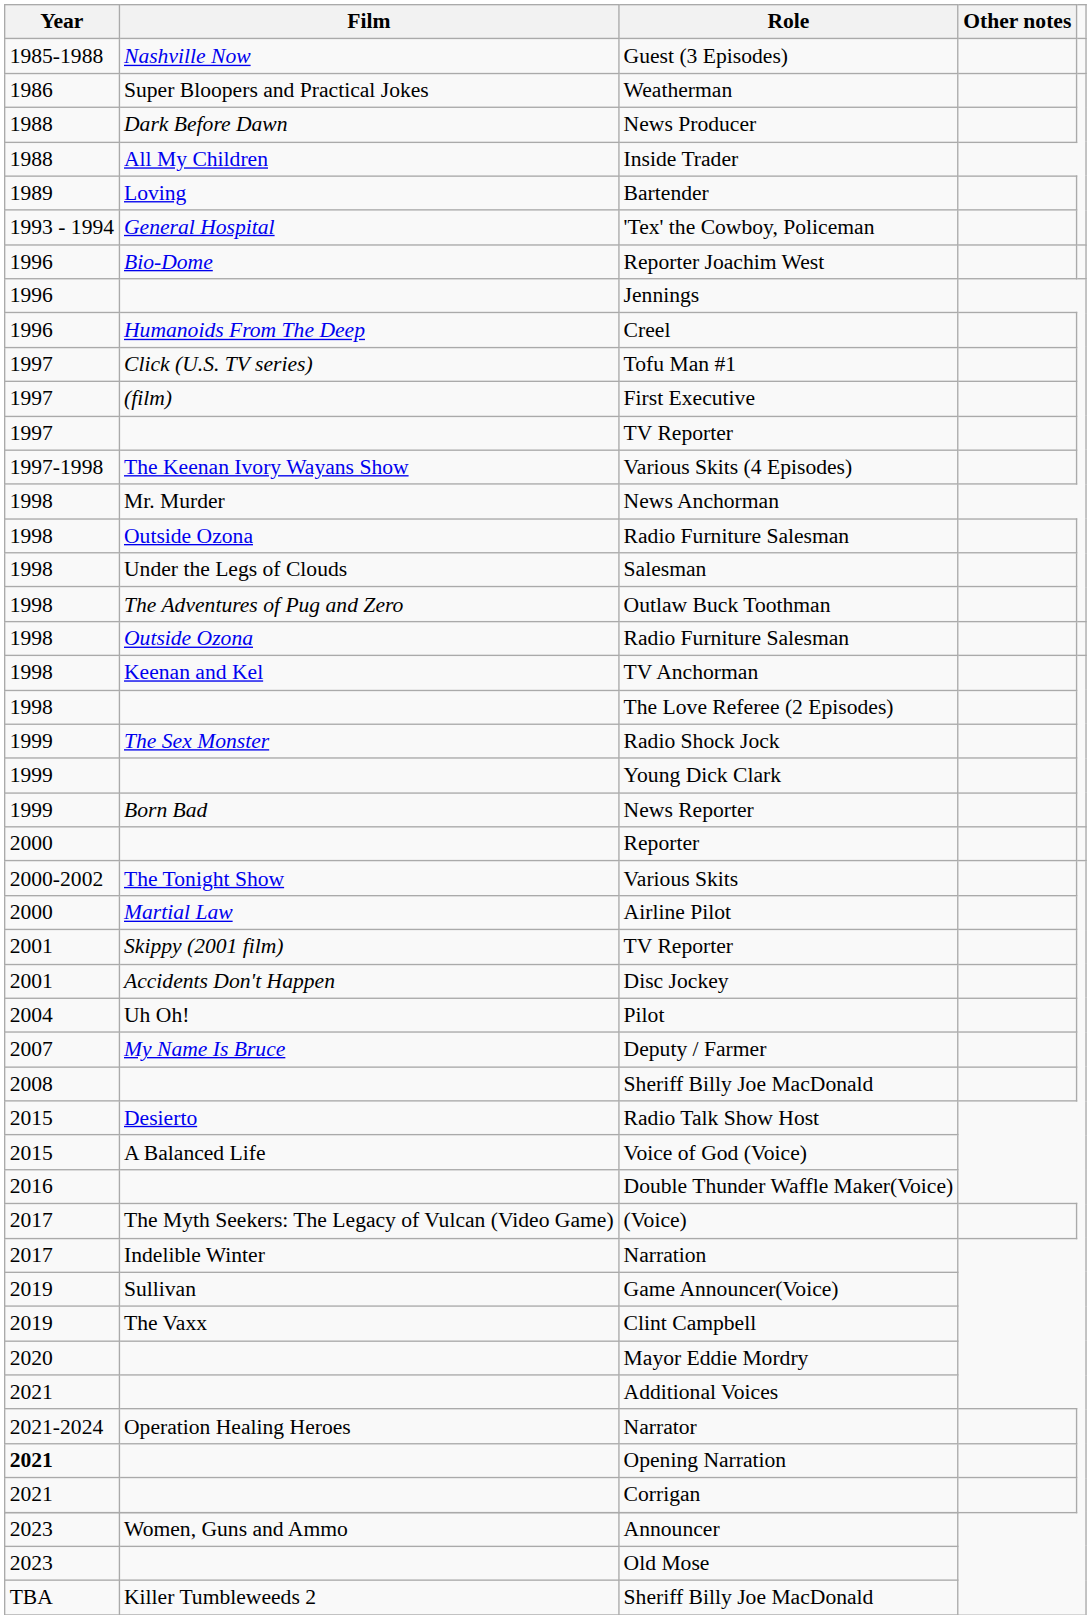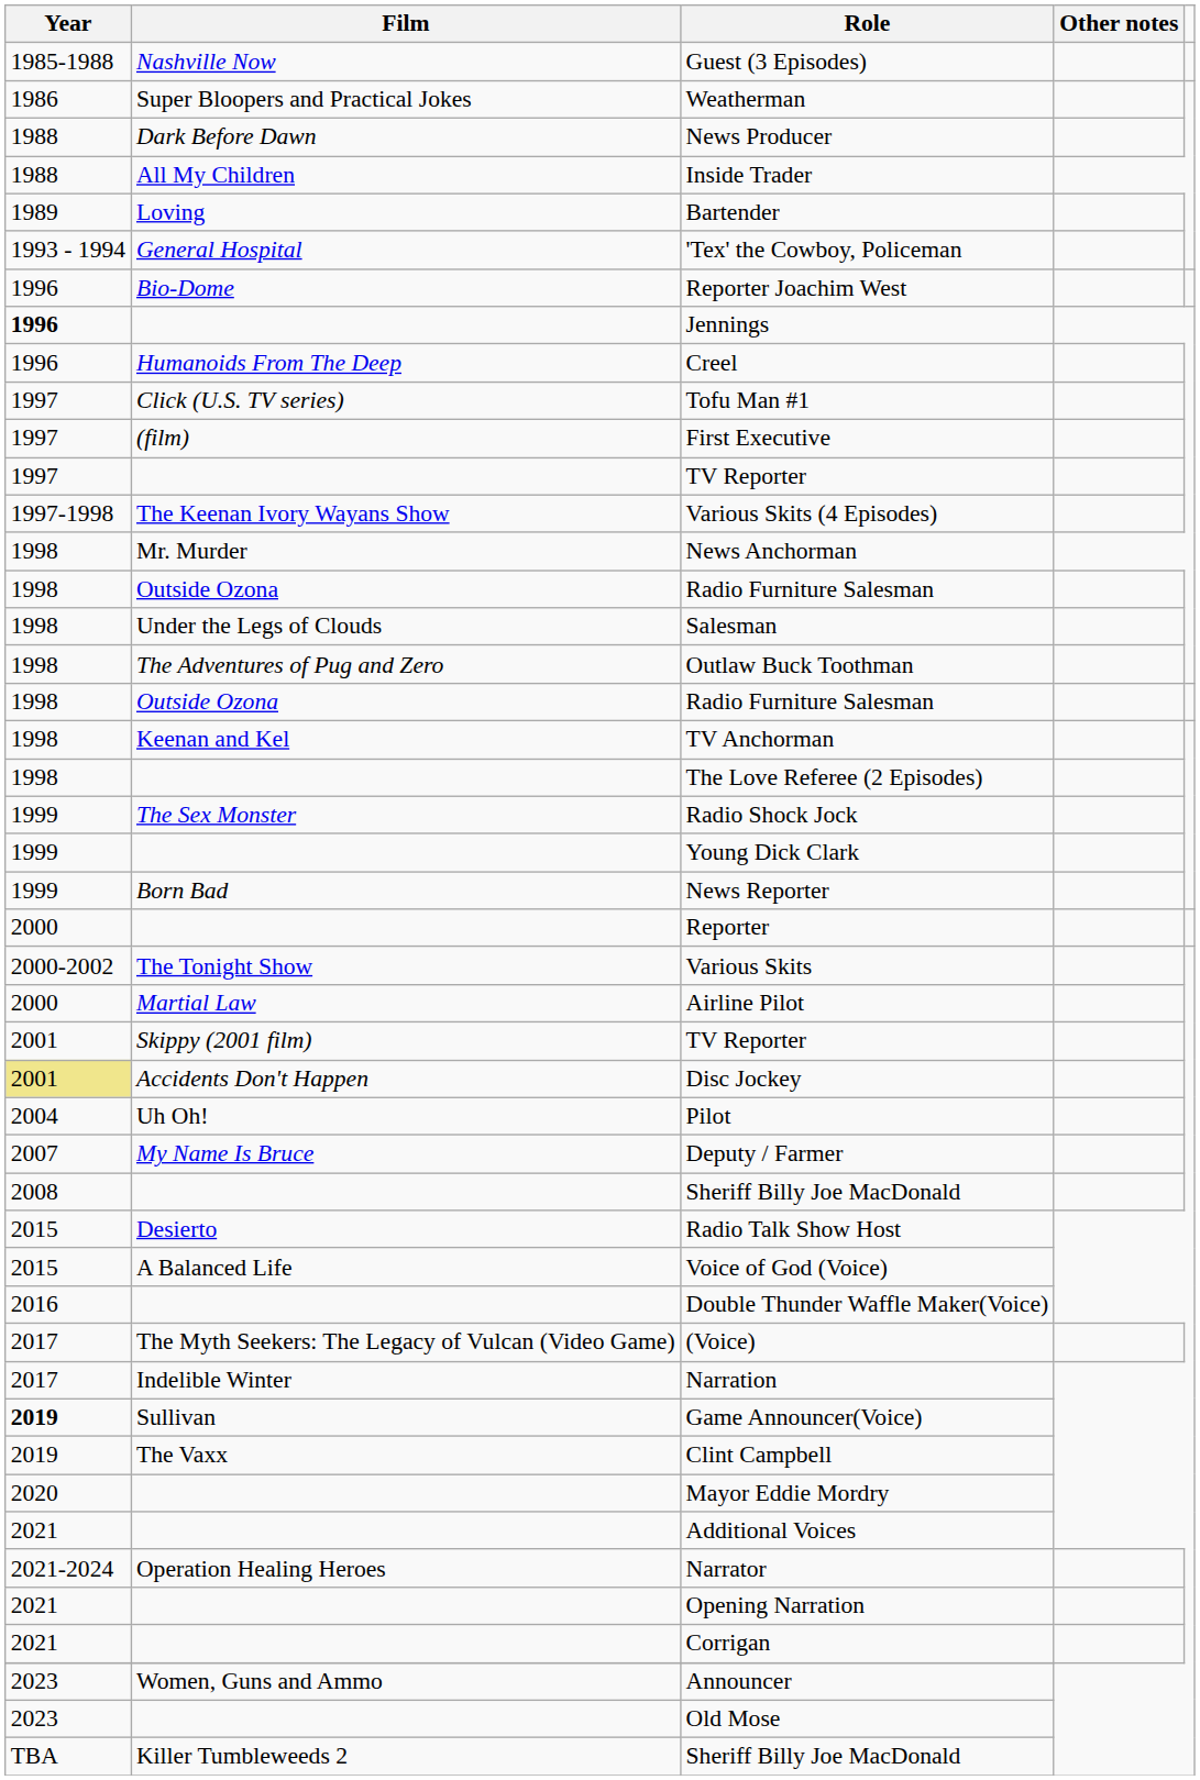 <table class="wikitable sortable">
 <tr>
 <th>Year</th>
 <th>Film</th>
 <th>Role</th>
 <th class="unsortable">Other notes</th>
 </tr>
 <tr>
 <td>1985-1988</td>
 <td><em><a href='#'>Nashville Now</a></em></td>
 <td>Guest (3 Episodes)</td>
 <td></td>
 <td></td>
 </tr>
 <tr>
 <td>1986</td>
 <td>Super Bloopers and Practical Jokes</td>
 <td>Weatherman</td>
 <td></td>
 </tr>
 <tr>
 <td>1988</td>
 <td><em>Dark Before Dawn</em></td>
 <td>News Producer</td>
 <td></td>
 </tr>
 <tr>
 <td>1988</td>
 <td><a href='#'>All My Children</a></td>
 <td>Inside Trader</td>
 </tr>
 <tr>
 <td>1989</td>
 <td><a href='#'>Loving</a></td>
 <td>Bartender</td>
 <td></td>
 </tr>
 <tr>
 <td>1993 - 1994</td>
 <td><em><a href='#'>General Hospital</a></em></td>
 <td>'Tex' the Cowboy, Policeman</td>
 <td></td>
 </tr>
 <tr>
 <td>1996</td>
 <td><em><a href='#'>Bio-Dome</a></em></td>
 <td>Reporter Joachim West</td>
 <td></td>
 <td></td>
 </tr>
 <tr>
-<td>1996</td>
+<td><strong>1996</strong></td>
 <td></td>
 <td>Jennings</td>
 </tr>
 <tr>
 <td>1996</td>
 <td><em><a href='#'>Humanoids From The Deep</a></em></td>
 <td>Creel</td>
 <td></td>
 </tr>
 <tr>
 <td>1997</td>
 <td><em>Click (U.S. TV series)</em></td>
 <td>Tofu Man #1</td>
 <td></td>
 </tr>
 <tr>
 <td>1997</td>
 <td><em> (film)</em></td>
 <td>First Executive</td>
 <td></td>
 </tr>
 <tr>
 <td>1997</td>
 <td></td>
 <td>TV Reporter</td>
 <td></td>
 </tr>
 <tr>
 <td>1997-1998</td>
 <td><a href='#'>The Keenan Ivory Wayans Show</a></td>
 <td>Various Skits (4 Episodes)</td>
 <td></td>
 </tr>
 <tr>
 <td>1998</td>
 <td>Mr. Murder</td>
 <td>News Anchorman</td>
 </tr>
 <tr>
 <td>1998</td>
 <td><a href='#'>Outside Ozona</a></td>
 <td>Radio Furniture Salesman</td>
 <td></td>
 </tr>
 <tr>
 <td>1998</td>
 <td>Under the Legs of Clouds</td>
 <td>Salesman</td>
 <td></td>
 </tr>
 <tr>
 <td>1998</td>
 <td><em>The Adventures of Pug and Zero</em></td>
 <td>Outlaw Buck Toothman</td>
 <td></td>
 </tr>
 <tr>
 <td>1998</td>
 <td><em><a href='#'>Outside Ozona</a></em></td>
 <td>Radio Furniture Salesman</td>
 <td></td>
 <td></td>
 </tr>
 <tr>
 <td>1998</td>
 <td><a href='#'>Keenan and Kel</a></td>
 <td>TV Anchorman</td>
 <td></td>
 </tr>
 <tr>
 <td>1998</td>
 <td></td>
 <td>The Love Referee (2 Episodes)</td>
 <td></td>
 </tr>
 <tr>
 <td>1999</td>
 <td><em><a href='#'>The Sex Monster</a></em></td>
 <td>Radio Shock Jock</td>
 <td></td>
 </tr>
 <tr>
 <td>1999</td>
 <td></td>
 <td>Young Dick Clark</td>
 <td></td>
 </tr>
 <tr>
 <td>1999</td>
 <td><em>Born Bad</em></td>
 <td>News Reporter</td>
 <td></td>
 </tr>
 <tr>
 <td>2000</td>
 <td></td>
 <td>Reporter</td>
 <td></td>
 <td></td>
 </tr>
 <tr>
 <td>2000-2002</td>
 <td><a href='#'>The Tonight Show</a></td>
 <td>Various Skits</td>
 <td></td>
 </tr>
 <tr>
 <td>2000</td>
 <td><em><a href='#'>Martial Law</a></em></td>
 <td>Airline Pilot</td>
 <td></td>
 </tr>
 <tr>
 <td>2001</td>
 <td><em>Skippy (2001 film)</em></td>
 <td>TV Reporter</td>
 <td></td>
 </tr>
 <tr>
-<td>2001</td>
+<td style="background: khaki;">2001</td>
 <td><em>Accidents Don't Happen</em></td>
 <td>Disc Jockey</td>
 <td></td>
 </tr>
 <tr>
 <td>2004</td>
 <td>Uh Oh!</td>
 <td>Pilot</td>
 <td></td>
 </tr>
 <tr>
 <td>2007</td>
 <td><em><a href='#'>My Name Is Bruce</a></em></td>
 <td>Deputy / Farmer</td>
 <td></td>
 </tr>
 <tr>
 <td>2008</td>
 <td><em></em></td>
 <td>Sheriff Billy Joe MacDonald</td>
 <td></td>
 </tr>
 <tr>
 <td>2015</td>
 <td><a href='#'>Desierto</a></td>
 <td>Radio Talk Show Host</td>
 </tr>
 <tr>
 <td>2015</td>
 <td>A Balanced Life</td>
 <td>Voice of God (Voice)</td>
 </tr>
 <tr>
 <td>2016</td>
 <td></td>
 <td>Double Thunder Waffle Maker(Voice)</td>
 </tr>
 <tr>
 <td>2017</td>
 <td>The Myth Seekers: The Legacy of Vulcan (Video Game)</td>
 <td>(Voice)</td>
 <td></td>
 </tr>
 <tr>
 <td>2017</td>
 <td>Indelible Winter</td>
 <td>Narration</td>
 </tr>
 <tr>
-<td>2019</td>
+<td><strong>2019</strong></td>
 <td>Sullivan</td>
 <td>Game Announcer(Voice)</td>
 </tr>
 <tr>
 <td>2019</td>
 <td>The Vaxx</td>
 <td>Clint Campbell</td>
 </tr>
 <tr>
 <td>2020</td>
 <td></td>
 <td>Mayor Eddie Mordry</td>
 </tr>
 <tr>
 <td>2021</td>
 <td></td>
 <td>Additional Voices</td>
 </tr>
 <tr>
 <td>2021-2024</td>
 <td>Operation Healing Heroes</td>
 <td>Narrator</td>
 <td></td>
 </tr>
 <tr>
-<td><strong>2021</strong></td>
+<td>2021</td>
 <td></td>
 <td>Opening Narration</td>
 <td></td>
 </tr>
 <tr>
 <td>2021</td>
 <td></td>
 <td>Corrigan</td>
 <td></td>
 </tr>
 <tr>
 </tr>
 <tr>
 <td>2023</td>
 <td>Women, Guns and Ammo</td>
 <td>Announcer</td>
 </tr>
 <tr>
 <td>2023</td>
 <td></td>
 <td>Old Mose</td>
 </tr>
 <tr>
 <td>TBA</td>
 <td>Killer Tumbleweeds 2</td>
 <td>Sheriff Billy Joe MacDonald</td>
 </tr>
 <tr>
 </tr>
 </table>
